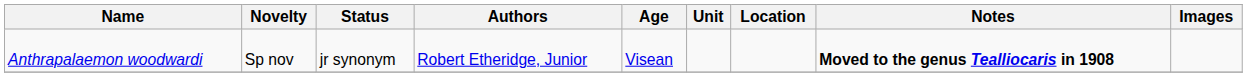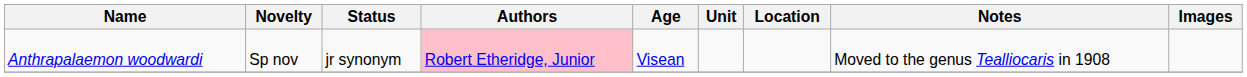 <table class="wikitable sortable" align="center" width="100%">
 <tr>
 <th>Name</th>
 <th>Novelty</th>
 <th>Status</th>
 <th>Authors</th>
 <th>Age</th>
 <th>Unit</th>
 <th>Location</th>
 <th>Notes</th>
 <th>Images</th>
 </tr>
 <tr>
 <td><br><em><a href='#'>Anthrapalaemon woodwardi</a></em></td>
 <td><br>Sp nov</td>
 <td><br>jr synonym</td>
-<td><br><a href='#'>Robert Etheridge, Junior</a></td>
+<td style="background: pink;"><br><a href='#'>Robert Etheridge, Junior</a></td>
 <td><br><a href='#'>Visean</a></td>
 <td></td>
 <td><br><br></td>
-<td><strong><br>Moved to the genus <em><a href='#'>Tealliocaris</a></em> in 1908</strong></td>
+<td><br>Moved to the genus <em><a href='#'>Tealliocaris</a></em> in 1908</td>
 <td></td>
 </tr>
 <tr>
 </tr>
 </table>
